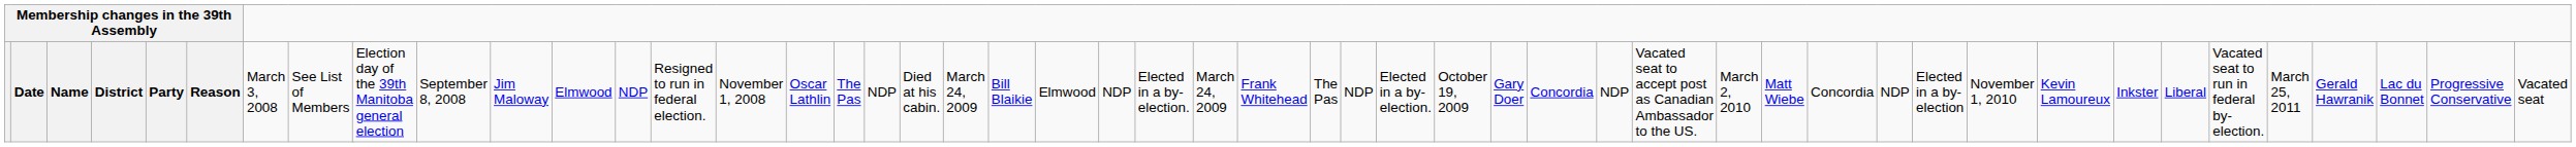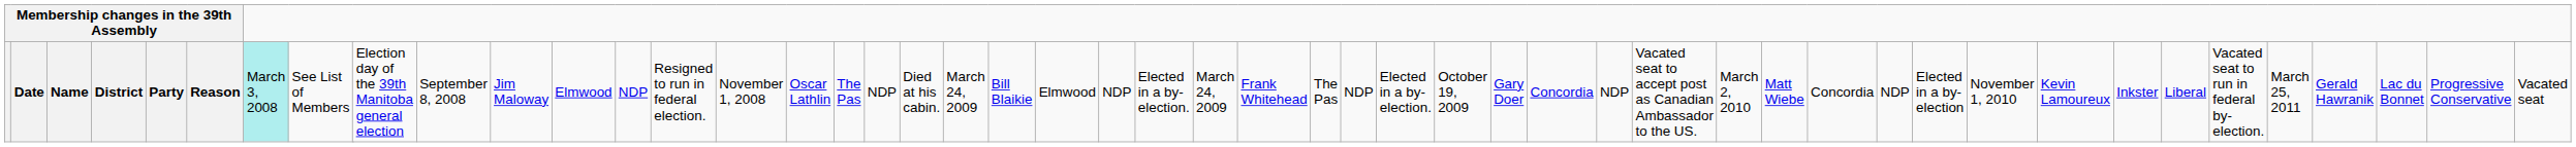 <table class="wikitable">
 <tr>
 <th colspan=6>Membership changes in the 39th Assembly</th>
 </tr>
 <tr>
 <th></th>
 <th>Date</th>
 <th>Name</th>
 <th>District</th>
 <th>Party</th>
 <th>Reason<br></th>
-<td>March 3, 2008</td>
+<td style="background: paleturquoise;">March 3, 2008</td>
 <td colspan=3>See List of Members</td>
 <td>Election day of the <a href='#'>39th Manitoba general election</a><br></td>
 <td>September 8, 2008</td>
 <td><a href='#'>Jim Maloway</a></td>
 <td><a href='#'>Elmwood</a></td>
 <td><a href='#'>NDP</a></td>
 <td>Resigned to run in federal election.<br></td>
 <td>November 1, 2008</td>
 <td><a href='#'>Oscar Lathlin</a></td>
 <td><a href='#'>The Pas</a></td>
 <td>NDP</td>
 <td>Died at his cabin.<br></td>
 <td>March 24, 2009</td>
 <td><a href='#'>Bill Blaikie</a></td>
 <td>Elmwood</td>
 <td>NDP</td>
 <td>Elected in a by-election.<br></td>
 <td>March 24, 2009</td>
 <td><a href='#'>Frank Whitehead</a></td>
 <td>The Pas</td>
 <td>NDP</td>
 <td>Elected in a by-election.<br></td>
 <td>October 19, 2009</td>
 <td><a href='#'>Gary Doer</a></td>
 <td><a href='#'>Concordia</a></td>
 <td>NDP</td>
 <td>Vacated seat to accept post as Canadian Ambassador to the US.<br></td>
 <td>March 2, 2010</td>
 <td><a href='#'>Matt Wiebe</a></td>
 <td>Concordia</td>
 <td>NDP</td>
 <td>Elected in a by-election<br></td>
 <td>November 1, 2010</td>
 <td><a href='#'>Kevin Lamoureux</a></td>
 <td><a href='#'>Inkster</a></td>
 <td><a href='#'>Liberal</a></td>
 <td>Vacated seat to run in federal by-election.<br></td>
 <td>March 25, 2011</td>
 <td><a href='#'>Gerald Hawranik</a></td>
 <td><a href='#'>Lac du Bonnet</a></td>
 <td><a href='#'>Progressive Conservative</a></td>
 <td>Vacated seat</td>
 </tr>
 </table>
